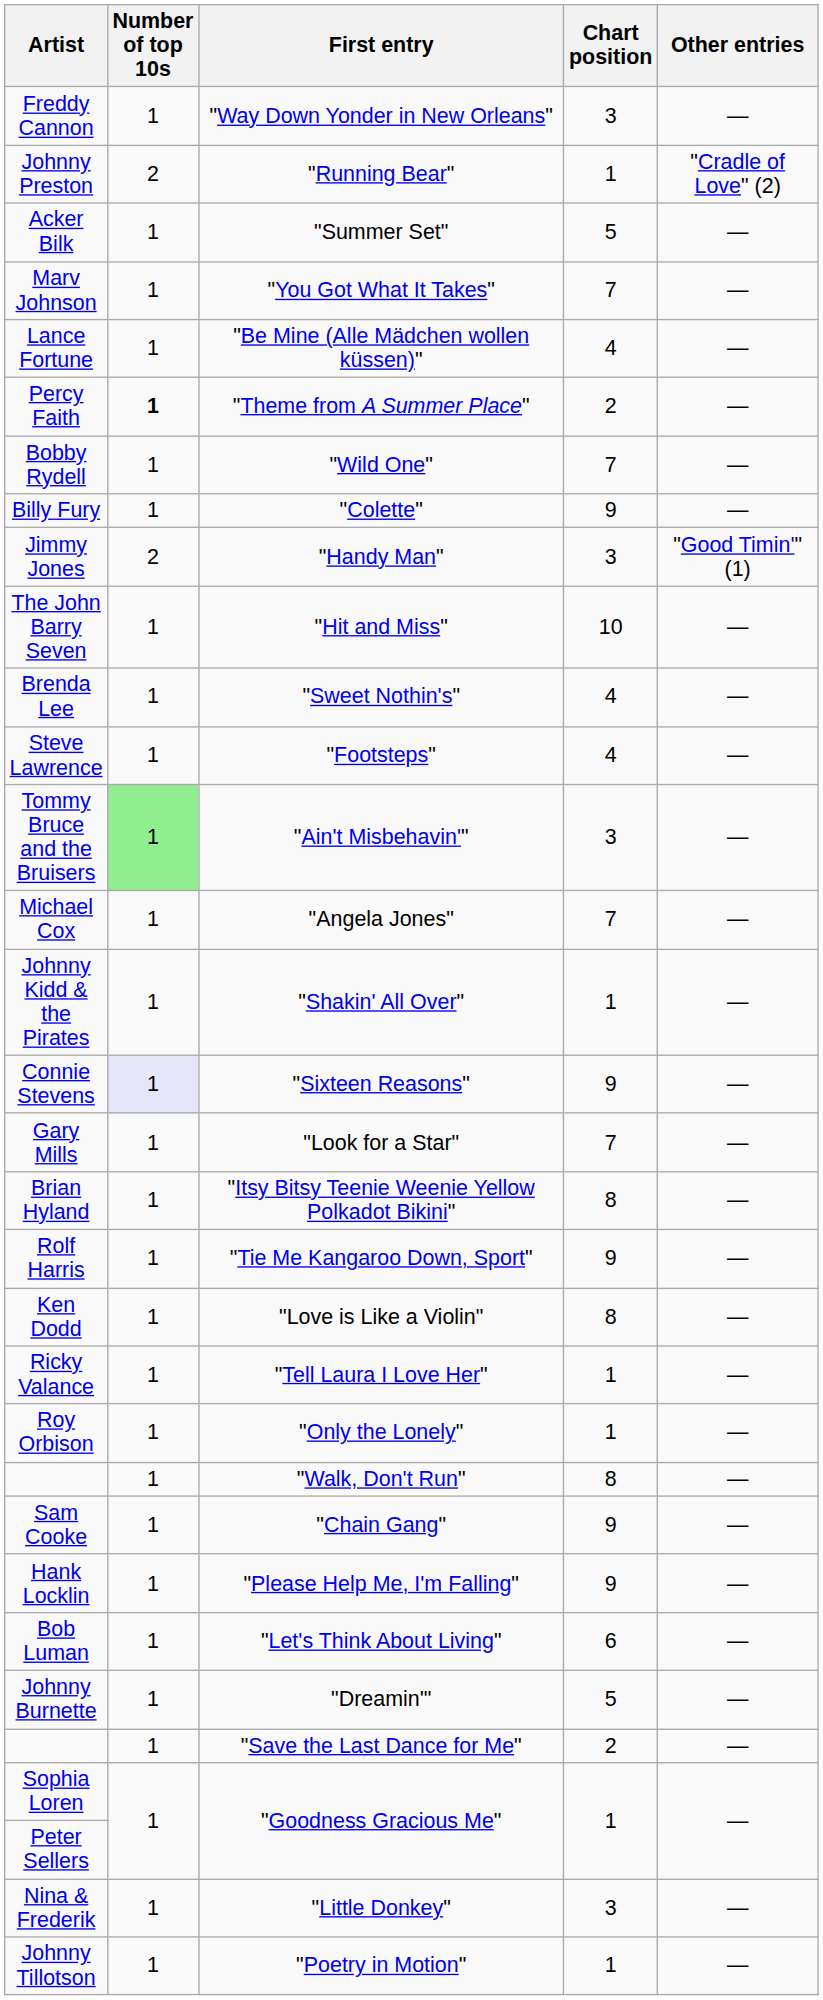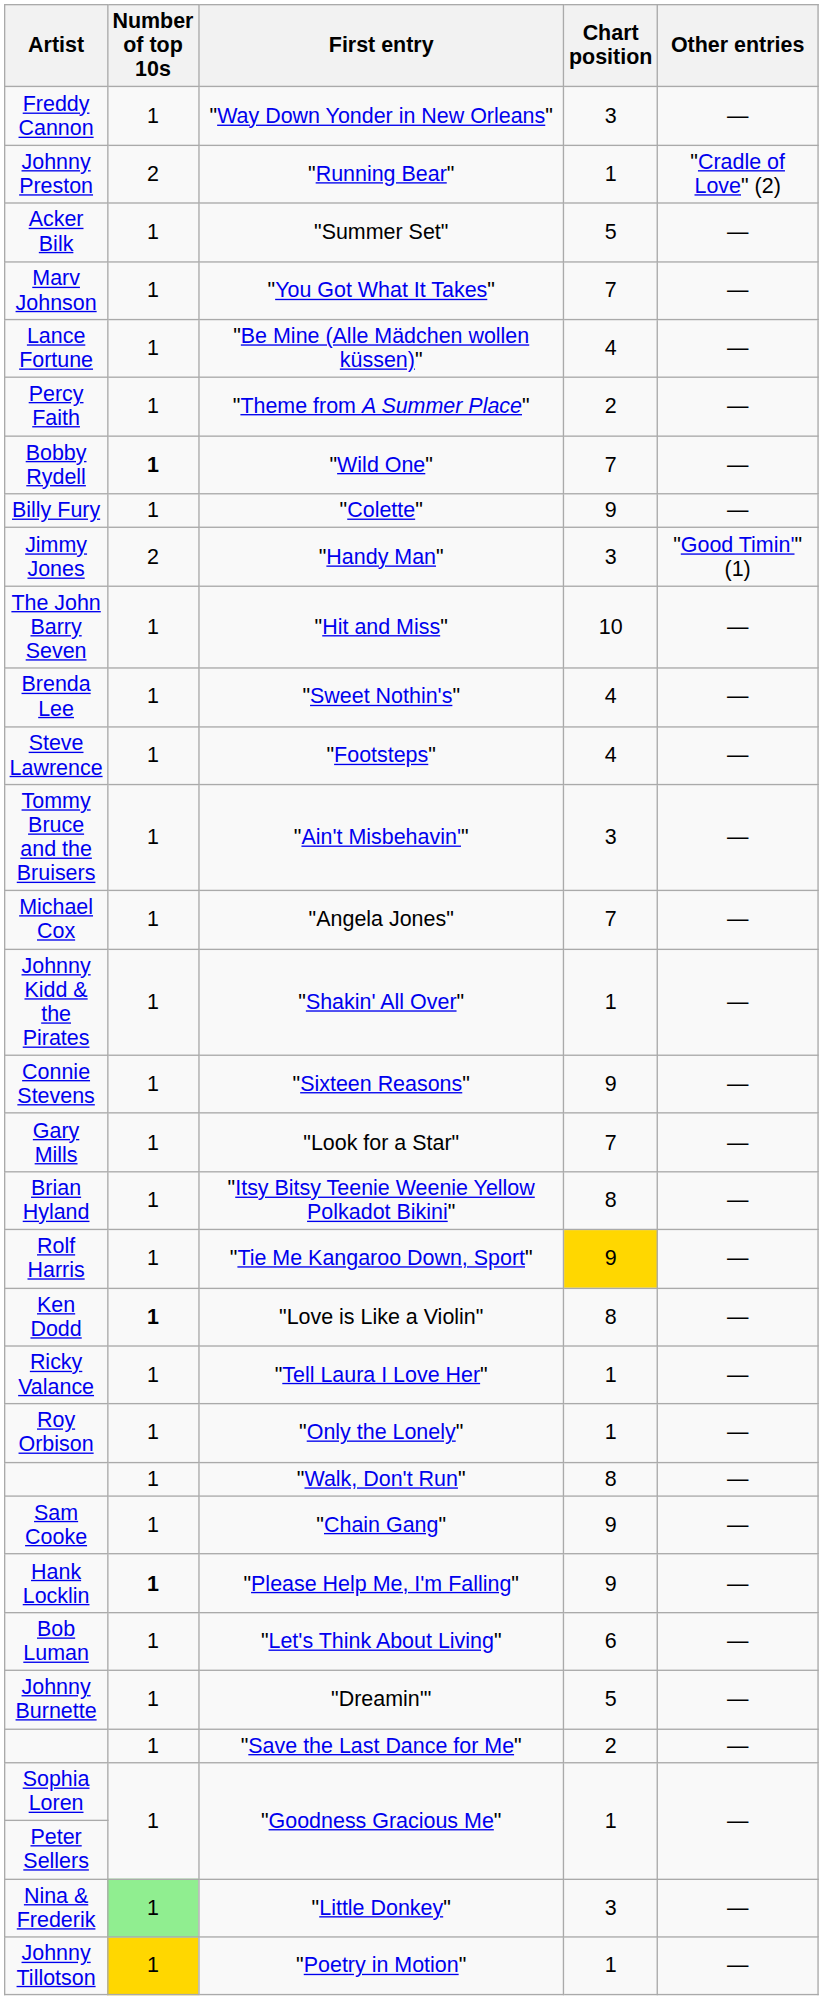 <table class="wikitable sortable mw-collapsible mw-collapsed" style="text-align:center;">
 <tr>
 <th scope="col" style="width:55px;">Artist</th>
 <th scope="col" style="width:55px;" data-sort-type="number">Number of top 10s</th>
 <th scope="col" style="text-align:center;">First entry</th>
 <th scope="col" style="width:55px;" data-sort-type="number">Chart position</th>
 <th scope="col" style="text-align:center;">Other entries</th>
 </tr>
 <tr>
 <td><a href='#'>Freddy Cannon</a></td>
 <td>1</td>
 <td>"<a href='#'>Way Down Yonder in New Orleans</a>"</td>
 <td>3</td>
 <td>—</td>
 </tr>
 <tr>
 <td><a href='#'>Johnny Preston</a></td>
 <td>2</td>
 <td>"<a href='#'>Running Bear</a>"</td>
 <td>1</td>
 <td>"<a href='#'>Cradle of Love</a>" (2)</td>
 </tr>
 <tr>
 <td><a href='#'>Acker Bilk</a></td>
 <td>1</td>
 <td>"Summer Set"</td>
 <td>5</td>
 <td>—</td>
 </tr>
 <tr>
 <td><a href='#'>Marv Johnson</a></td>
 <td>1</td>
 <td>"<a href='#'>You Got What It Takes</a>"</td>
 <td>7</td>
 <td>—</td>
 </tr>
 <tr>
 <td><a href='#'>Lance Fortune</a></td>
 <td>1</td>
 <td>"<a href='#'>Be Mine (Alle Mädchen wollen küssen)</a>"</td>
 <td>4</td>
 <td>—</td>
 </tr>
 <tr>
 <td><a href='#'>Percy Faith</a></td>
-<td><strong>1</strong></td>
+<td>1</td>
 <td>"<a href='#'>Theme from <em>A Summer Place</em></a>"</td>
 <td>2</td>
 <td>—</td>
 </tr>
 <tr>
 <td><a href='#'>Bobby Rydell</a></td>
-<td>1</td>
+<td><strong>1</strong></td>
 <td>"<a href='#'>Wild One</a>"</td>
 <td>7</td>
 <td>—</td>
 </tr>
 <tr>
 <td><a href='#'>Billy Fury</a></td>
 <td>1</td>
 <td>"<a href='#'>Colette</a>"</td>
 <td>9</td>
 <td>—</td>
 </tr>
 <tr>
 <td><a href='#'>Jimmy Jones</a></td>
 <td>2</td>
 <td>"<a href='#'>Handy Man</a>"</td>
 <td>3</td>
 <td>"<a href='#'>Good Timin'</a>" (1)</td>
 </tr>
 <tr>
 <td><a href='#'>The John Barry Seven</a></td>
 <td>1</td>
 <td>"<a href='#'>Hit and Miss</a>"</td>
 <td>10</td>
 <td>—</td>
 </tr>
 <tr>
 <td><a href='#'>Brenda Lee</a></td>
 <td>1</td>
 <td>"<a href='#'>Sweet Nothin's</a>"</td>
 <td>4</td>
 <td>—</td>
 </tr>
 <tr>
 <td><a href='#'>Steve Lawrence</a></td>
 <td>1</td>
 <td>"<a href='#'>Footsteps</a>"</td>
 <td>4</td>
 <td>—</td>
 </tr>
 <tr>
 <td><a href='#'>Tommy Bruce and the Bruisers</a></td>
-<td style="background: lightgreen;">1</td>
+<td>1</td>
 <td>"<a href='#'>Ain't Misbehavin'</a>"</td>
 <td>3</td>
 <td>—</td>
 </tr>
 <tr>
 <td><a href='#'>Michael Cox</a></td>
 <td>1</td>
 <td>"Angela Jones"</td>
 <td>7</td>
 <td>—</td>
 </tr>
 <tr>
 <td><a href='#'>Johnny Kidd & the Pirates</a></td>
 <td>1</td>
 <td>"<a href='#'>Shakin' All Over</a>"</td>
 <td>1</td>
 <td>—</td>
 </tr>
 <tr>
 <td><a href='#'>Connie Stevens</a></td>
-<td style="background: lavender;">1</td>
+<td>1</td>
 <td>"<a href='#'>Sixteen Reasons</a>"</td>
 <td>9</td>
 <td>—</td>
 </tr>
 <tr>
 <td><a href='#'>Gary Mills</a></td>
 <td>1</td>
 <td>"Look for a Star"</td>
 <td>7</td>
 <td>—</td>
 </tr>
 <tr>
 <td><a href='#'>Brian Hyland</a></td>
 <td>1</td>
 <td>"<a href='#'>Itsy Bitsy Teenie Weenie Yellow Polkadot Bikini</a>"</td>
 <td>8</td>
 <td>—</td>
 </tr>
 <tr>
 <td><a href='#'>Rolf Harris</a></td>
 <td>1</td>
 <td>"<a href='#'>Tie Me Kangaroo Down, Sport</a>"</td>
-<td>9</td>
+<td style="background: gold;">9</td>
 <td>—</td>
 </tr>
 <tr>
 <td><a href='#'>Ken Dodd</a></td>
-<td>1</td>
+<td><strong>1</strong></td>
 <td>"Love is Like a Violin"</td>
 <td>8</td>
 <td>—</td>
 </tr>
 <tr>
 <td><a href='#'>Ricky Valance</a></td>
 <td>1</td>
 <td>"<a href='#'>Tell Laura I Love Her</a>"</td>
 <td>1</td>
 <td>—</td>
 </tr>
 <tr>
 <td><a href='#'>Roy Orbison</a></td>
 <td>1</td>
 <td>"<a href='#'>Only the Lonely</a>"</td>
 <td>1</td>
 <td>—</td>
 </tr>
 <tr>
 <td></td>
 <td>1</td>
 <td>"<a href='#'>Walk, Don't Run</a>"</td>
 <td>8</td>
 <td>—</td>
 </tr>
 <tr>
 <td><a href='#'>Sam Cooke</a></td>
 <td>1</td>
 <td>"<a href='#'>Chain Gang</a>"</td>
 <td>9</td>
 <td>—</td>
 </tr>
 <tr>
 <td><a href='#'>Hank Locklin</a></td>
-<td>1</td>
+<td><strong>1</strong></td>
 <td>"<a href='#'>Please Help Me, I'm Falling</a>"</td>
 <td>9</td>
 <td>—</td>
 </tr>
 <tr>
 <td><a href='#'>Bob Luman</a></td>
 <td>1</td>
 <td>"<a href='#'>Let's Think About Living</a>"</td>
 <td>6</td>
 <td>—</td>
 </tr>
 <tr>
 <td><a href='#'>Johnny Burnette</a></td>
 <td>1</td>
 <td>"Dreamin'"</td>
 <td>5</td>
 <td>—</td>
 </tr>
 <tr>
 <td></td>
 <td>1</td>
 <td>"<a href='#'>Save the Last Dance for Me</a>"</td>
 <td>2</td>
 <td>—</td>
 </tr>
 <tr>
 <td><a href='#'>Sophia Loren</a></td>
 <td rowspan="2">1</td>
 <td rowspan="2">"<a href='#'>Goodness Gracious Me</a>"</td>
 <td rowspan="2">1</td>
 <td rowspan="2">—</td>
 </tr>
 <tr>
 <td><a href='#'>Peter Sellers</a></td>
 </tr>
 <tr>
 <td><a href='#'>Nina & Frederik</a></td>
-<td>1</td>
+<td style="background: lightgreen;">1</td>
 <td>"<a href='#'>Little Donkey</a>"</td>
 <td>3</td>
 <td>—</td>
 </tr>
 <tr>
 <td><a href='#'>Johnny Tillotson</a></td>
-<td>1</td>
+<td style="background: gold;">1</td>
 <td>"<a href='#'>Poetry in Motion</a>" </td>
 <td>1</td>
 <td>—</td>
 </tr>
 </table>
